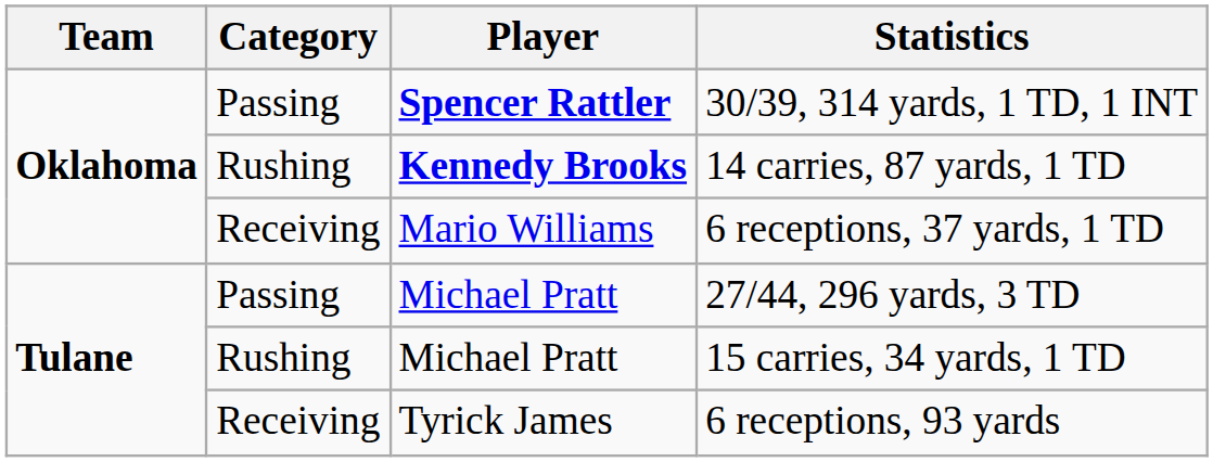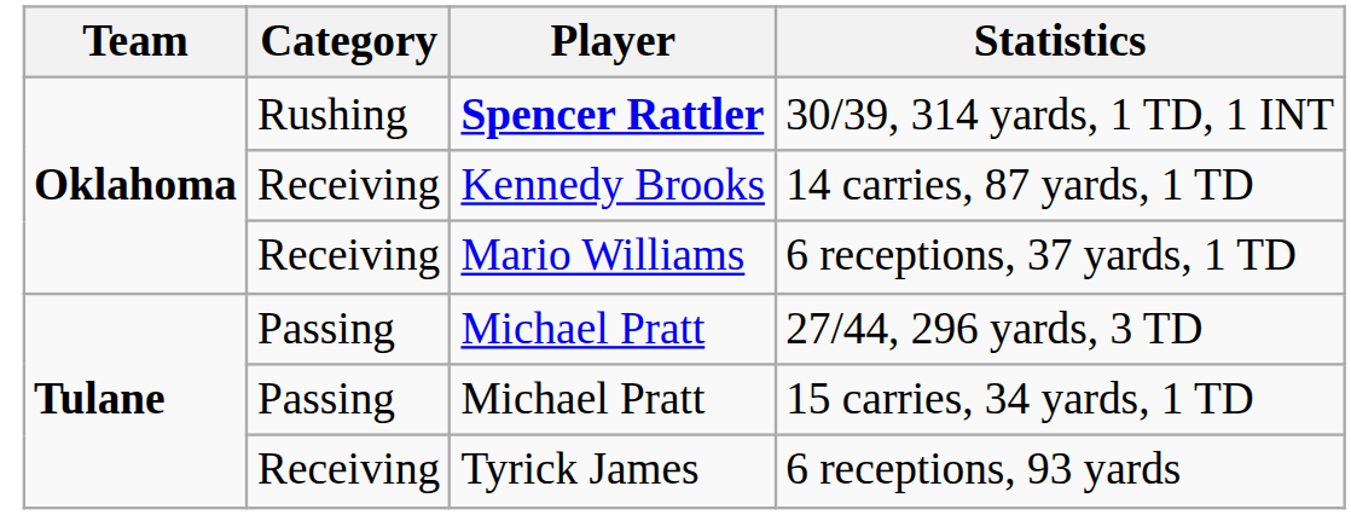 <table class="wikitable" style="float: right;">
 <tr>
 <th>Team</th>
 <th>Category</th>
 <th>Player</th>
 <th>Statistics</th>
 </tr>
 <tr>
 <td rowspan=3><strong>Oklahoma</strong></td>
-<td>Passing</td>
+<td>Rushing</td>
 <td><strong><a href='#'>Spencer Rattler</a></strong></td>
 <td>30/39, 314 yards, 1 TD, 1 INT</td>
 </tr>
 <tr>
-<td>Rushing</td>
-<td><strong><a href='#'>Kennedy Brooks</a></strong></td>
+<td>Receiving</td>
+<td><a href='#'>Kennedy Brooks</a></td>
 <td>14 carries, 87 yards, 1 TD</td>
 </tr>
 <tr>
 <td>Receiving</td>
 <td><a href='#'>Mario Williams</a></td>
 <td>6 receptions, 37 yards, 1 TD</td>
 </tr>
 <tr>
 <td rowspan=3><strong>Tulane</strong></td>
 <td>Passing</td>
 <td><a href='#'>Michael Pratt</a></td>
 <td>27/44, 296 yards, 3 TD</td>
 </tr>
 <tr>
-<td>Rushing</td>
+<td>Passing</td>
 <td>Michael Pratt</td>
 <td>15 carries, 34 yards, 1 TD</td>
 </tr>
 <tr>
 <td>Receiving</td>
 <td>Tyrick James</td>
 <td>6 receptions, 93 yards</td>
 </tr>
 </table>
